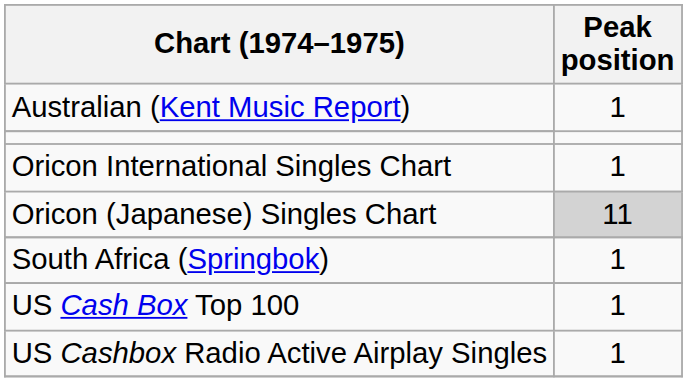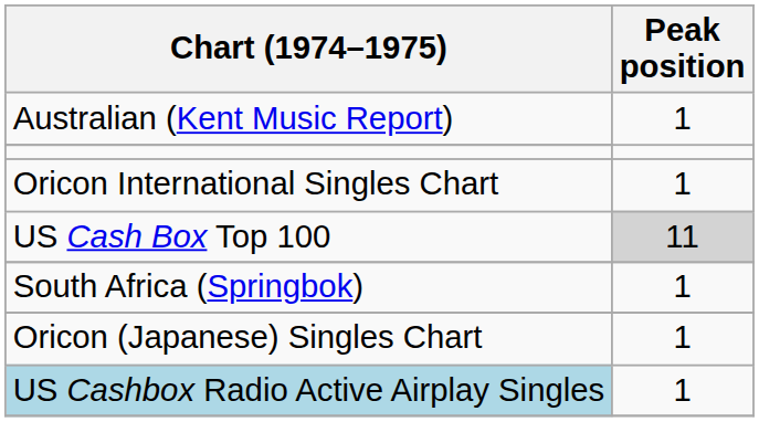 <table class="wikitable sortable">
 <tr>
 <th>Chart (1974–1975)</th>
 <th>Peak<br>position</th>
 </tr>
 <tr>
 <td>Australian (<a href='#'>Kent Music Report</a>)</td>
 <td align="center">1</td>
 </tr>
 <tr>
 </tr>
 <tr>
 </tr>
 <tr>
 <td></td>
 </tr>
 <tr>
 <td>Oricon International Singles Chart</td>
 <td align="center">1</td>
 </tr>
 <tr>
-<td>Oricon (Japanese) Singles Chart</td>
+<td>US <a href='#'><em>Cash Box</em></a> Top 100 </td>
 <td align="center" style="background: lightgrey;">11</td>
 </tr>
 <tr>
 </tr>
 <tr>
 </tr>
 <tr>
 <td>South Africa (<a href='#'>Springbok</a>) </td>
 <td align="center">1</td>
 </tr>
 <tr>
 </tr>
 <tr>
 </tr>
 <tr>
 </tr>
 <tr>
 </tr>
 <tr>
-<td>US <a href='#'><em>Cash Box</em></a> Top 100 </td>
+<td>Oricon (Japanese) Singles Chart</td>
 <td align="center">1</td>
 </tr>
 <tr>
-<td>US <em>Cashbox</em> Radio Active Airplay Singles</td>
+<td style="background: lightblue;">US <em>Cashbox</em> Radio Active Airplay Singles</td>
 <td style="text-align:center;">1</td>
 </tr>
 <tr>
 </tr>
 </table>
